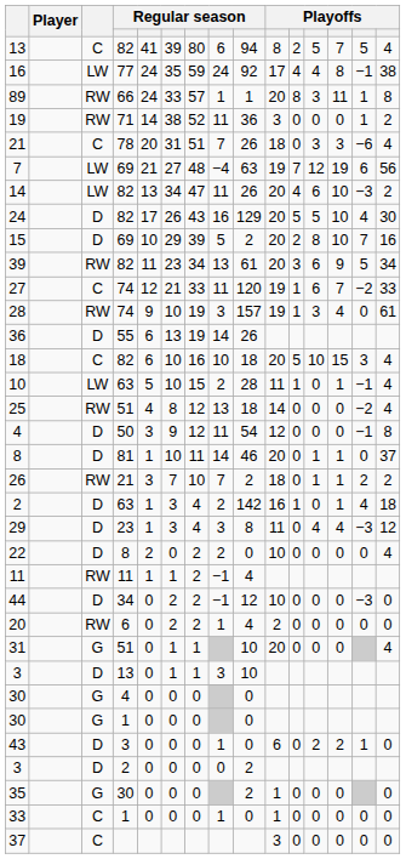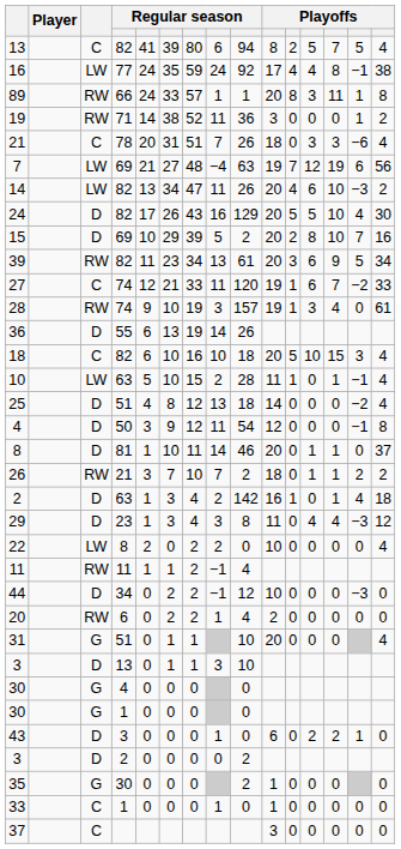 <table class="wikitable sortable plainrowheaders" style="text-align:center;">
 <tr>
 <th scope="col" data-sort-type="number" rowspan="2"></th>
 <th scope="col" rowspan="2">Player</th>
 <th scope="col" rowspan="2"></th>
 <th scope=colgroup colspan=6>Regular season</th>
 <th scope=colgroup colspan=6>Playoffs</th>
 </tr>
 <tr>
 <th scope="col" data-sort-type="number"></th>
 <th scope="col" data-sort-type="number"></th>
 <th scope="col" data-sort-type="number"></th>
 <th scope="col" data-sort-type="number"></th>
 <th scope="col" data-sort-type="number"></th>
 <th scope="col" data-sort-type="number"></th>
 <th scope="col" data-sort-type="number"></th>
 <th scope="col" data-sort-type="number"></th>
 <th scope="col" data-sort-type="number"></th>
 <th scope="col" data-sort-type="number"></th>
 <th scope="col" data-sort-type="number"></th>
 <th scope="col" data-sort-type="number"></th>
 </tr>
 <tr>
 <td scope="row">13</td>
 <td align="left"></td>
 <td>C</td>
 <td>82</td>
 <td>41</td>
 <td>39</td>
 <td>80</td>
 <td>6</td>
 <td>94</td>
 <td>8</td>
 <td>2</td>
 <td>5</td>
 <td>7</td>
 <td>5</td>
 <td>4</td>
 </tr>
 <tr>
 <td scope="row">16</td>
 <td align="left"></td>
 <td>LW</td>
 <td>77</td>
 <td>24</td>
 <td>35</td>
 <td>59</td>
 <td>24</td>
 <td>92</td>
 <td>17</td>
 <td>4</td>
 <td>4</td>
 <td>8</td>
 <td>−1</td>
 <td>38</td>
 </tr>
 <tr>
 <td scope="row">89</td>
 <td align="left"></td>
 <td>RW</td>
 <td>66</td>
 <td>24</td>
 <td>33</td>
 <td>57</td>
 <td>1</td>
 <td>1</td>
 <td>20</td>
 <td>8</td>
 <td>3</td>
 <td>11</td>
 <td>1</td>
 <td>8</td>
 </tr>
 <tr>
 <td scope="row">19</td>
 <td align="left"></td>
 <td>RW</td>
 <td>71</td>
 <td>14</td>
 <td>38</td>
 <td>52</td>
 <td>11</td>
 <td>36</td>
 <td>3</td>
 <td>0</td>
 <td>0</td>
 <td>0</td>
 <td>1</td>
 <td>2</td>
 </tr>
 <tr>
 <td scope="row">21</td>
 <td align="left"></td>
 <td>C</td>
 <td>78</td>
 <td>20</td>
 <td>31</td>
 <td>51</td>
 <td>7</td>
 <td>26</td>
 <td>18</td>
 <td>0</td>
 <td>3</td>
 <td>3</td>
 <td>−6</td>
 <td>4</td>
 </tr>
 <tr>
 <td scope="row">7</td>
 <td align="left"></td>
 <td>LW</td>
 <td>69</td>
 <td>21</td>
 <td>27</td>
 <td>48</td>
 <td>−4</td>
 <td>63</td>
 <td>19</td>
 <td>7</td>
 <td>12</td>
 <td>19</td>
 <td>6</td>
 <td>56</td>
 </tr>
 <tr>
 <td scope="row">14</td>
 <td align="left"></td>
 <td>LW</td>
 <td>82</td>
 <td>13</td>
 <td>34</td>
 <td>47</td>
 <td>11</td>
 <td>26</td>
 <td>20</td>
 <td>4</td>
 <td>6</td>
 <td>10</td>
 <td>−3</td>
 <td>2</td>
 </tr>
 <tr>
 <td scope="row">24</td>
 <td align="left"></td>
 <td>D</td>
 <td>82</td>
 <td>17</td>
 <td>26</td>
 <td>43</td>
 <td>16</td>
 <td>129</td>
 <td>20</td>
 <td>5</td>
 <td>5</td>
 <td>10</td>
 <td>4</td>
 <td>30</td>
 </tr>
 <tr>
 <td scope="row">15</td>
 <td align="left"></td>
 <td>D</td>
 <td>69</td>
 <td>10</td>
 <td>29</td>
 <td>39</td>
 <td>5</td>
 <td>2</td>
 <td>20</td>
 <td>2</td>
 <td>8</td>
 <td>10</td>
 <td>7</td>
 <td>16</td>
 </tr>
 <tr>
 <td scope="row">39</td>
 <td align="left"></td>
 <td>RW</td>
 <td>82</td>
 <td>11</td>
 <td>23</td>
 <td>34</td>
 <td>13</td>
 <td>61</td>
 <td>20</td>
 <td>3</td>
 <td>6</td>
 <td>9</td>
 <td>5</td>
 <td>34</td>
 </tr>
 <tr>
 <td scope="row">27</td>
 <td align="left"></td>
 <td>C</td>
 <td>74</td>
 <td>12</td>
 <td>21</td>
 <td>33</td>
 <td>11</td>
 <td>120</td>
 <td>19</td>
 <td>1</td>
 <td>6</td>
 <td>7</td>
 <td>−2</td>
 <td>33</td>
 </tr>
 <tr>
 <td scope="row">28</td>
 <td align="left"></td>
 <td>RW</td>
 <td>74</td>
 <td>9</td>
 <td>10</td>
 <td>19</td>
 <td>3</td>
 <td>157</td>
 <td>19</td>
 <td>1</td>
 <td>3</td>
 <td>4</td>
 <td>0</td>
 <td>61</td>
 </tr>
 <tr>
 <td scope="row">36</td>
 <td align="left"></td>
 <td>D</td>
 <td>55</td>
 <td>6</td>
 <td>13</td>
 <td>19</td>
 <td>14</td>
 <td>26</td>
 <td></td>
 <td></td>
 <td></td>
 <td></td>
 <td></td>
 <td></td>
 </tr>
 <tr>
 <td scope="row">18</td>
 <td align="left"></td>
 <td>C</td>
 <td>82</td>
 <td>6</td>
 <td>10</td>
 <td>16</td>
 <td>10</td>
 <td>18</td>
 <td>20</td>
 <td>5</td>
 <td>10</td>
 <td>15</td>
 <td>3</td>
 <td>4</td>
 </tr>
 <tr>
 <td scope="row">10</td>
 <td align="left"></td>
 <td>LW</td>
 <td>63</td>
 <td>5</td>
 <td>10</td>
 <td>15</td>
 <td>2</td>
 <td>28</td>
 <td>11</td>
 <td>1</td>
 <td>0</td>
 <td>1</td>
 <td>−1</td>
 <td>4</td>
 </tr>
 <tr>
 <td scope="row">25</td>
 <td align="left"></td>
-<td>RW</td>
+<td>D</td>
 <td>51</td>
 <td>4</td>
 <td>8</td>
 <td>12</td>
 <td>13</td>
 <td>18</td>
 <td>14</td>
 <td>0</td>
 <td>0</td>
 <td>0</td>
 <td>−2</td>
 <td>4</td>
 </tr>
 <tr>
 <td scope="row">4</td>
 <td align="left"></td>
 <td>D</td>
 <td>50</td>
 <td>3</td>
 <td>9</td>
 <td>12</td>
 <td>11</td>
 <td>54</td>
 <td>12</td>
 <td>0</td>
 <td>0</td>
 <td>0</td>
 <td>−1</td>
 <td>8</td>
 </tr>
 <tr>
 <td scope="row">8</td>
 <td align="left"></td>
 <td>D</td>
 <td>81</td>
 <td>1</td>
 <td>10</td>
 <td>11</td>
 <td>14</td>
 <td>46</td>
 <td>20</td>
 <td>0</td>
 <td>1</td>
 <td>1</td>
 <td>0</td>
 <td>37</td>
 </tr>
 <tr>
 <td scope="row">26</td>
 <td align="left"></td>
 <td>RW</td>
 <td>21</td>
 <td>3</td>
 <td>7</td>
 <td>10</td>
 <td>7</td>
 <td>2</td>
 <td>18</td>
 <td>0</td>
 <td>1</td>
 <td>1</td>
 <td>2</td>
 <td>2</td>
 </tr>
 <tr>
 <td scope="row">2</td>
 <td align="left"></td>
 <td>D</td>
 <td>63</td>
 <td>1</td>
 <td>3</td>
 <td>4</td>
 <td>2</td>
 <td>142</td>
 <td>16</td>
 <td>1</td>
 <td>0</td>
 <td>1</td>
 <td>4</td>
 <td>18</td>
 </tr>
 <tr>
 <td scope="row">29</td>
 <td align="left"></td>
 <td>D</td>
 <td>23</td>
 <td>1</td>
 <td>3</td>
 <td>4</td>
 <td>3</td>
 <td>8</td>
 <td>11</td>
 <td>0</td>
 <td>4</td>
 <td>4</td>
 <td>−3</td>
 <td>12</td>
 </tr>
 <tr>
 <td scope="row">22</td>
 <td align="left"></td>
-<td>D</td>
+<td>LW</td>
 <td>8</td>
 <td>2</td>
 <td>0</td>
 <td>2</td>
 <td>2</td>
 <td>0</td>
 <td>10</td>
 <td>0</td>
 <td>0</td>
 <td>0</td>
 <td>0</td>
 <td>4</td>
 </tr>
 <tr>
 <td scope="row">11</td>
 <td align="left"></td>
 <td>RW</td>
 <td>11</td>
 <td>1</td>
 <td>1</td>
 <td>2</td>
 <td>−1</td>
 <td>4</td>
 <td></td>
 <td></td>
 <td></td>
 <td></td>
 <td></td>
 <td></td>
 </tr>
 <tr>
 <td scope="row">44</td>
 <td align="left"></td>
 <td>D</td>
 <td>34</td>
 <td>0</td>
 <td>2</td>
 <td>2</td>
 <td>−1</td>
 <td>12</td>
 <td>10</td>
 <td>0</td>
 <td>0</td>
 <td>0</td>
 <td>−3</td>
 <td>0</td>
 </tr>
 <tr>
 <td scope="row">20</td>
 <td align="left"></td>
 <td>RW</td>
 <td>6</td>
 <td>0</td>
 <td>2</td>
 <td>2</td>
 <td>1</td>
 <td>4</td>
 <td>2</td>
 <td>0</td>
 <td>0</td>
 <td>0</td>
 <td>0</td>
 <td>0</td>
 </tr>
 <tr>
 <td scope="row">31</td>
 <td align="left"></td>
 <td>G</td>
 <td>51</td>
 <td>0</td>
 <td>1</td>
 <td>1</td>
 <td style="background:#ccc"></td>
 <td>10</td>
 <td>20</td>
 <td>0</td>
 <td>0</td>
 <td>0</td>
 <td style="background:#ccc"></td>
 <td>4</td>
 </tr>
 <tr>
 <td scope="row">3</td>
 <td align="left"></td>
 <td>D</td>
 <td>13</td>
 <td>0</td>
 <td>1</td>
 <td>1</td>
 <td>3</td>
 <td>10</td>
 <td></td>
 <td></td>
 <td></td>
 <td></td>
 <td></td>
 <td></td>
 </tr>
 <tr>
 <td scope="row">30</td>
 <td align="left"></td>
 <td>G</td>
 <td>4</td>
 <td>0</td>
 <td>0</td>
 <td>0</td>
 <td style="background:#ccc"></td>
 <td>0</td>
 <td></td>
 <td></td>
 <td></td>
 <td></td>
 <td></td>
 <td></td>
 </tr>
 <tr>
 <td scope="row">30</td>
 <td align="left"></td>
 <td>G</td>
 <td>1</td>
 <td>0</td>
 <td>0</td>
 <td>0</td>
 <td style="background:#ccc"></td>
 <td>0</td>
 <td></td>
 <td></td>
 <td></td>
 <td></td>
 <td></td>
 <td></td>
 </tr>
 <tr>
 <td scope="row">43</td>
 <td align="left"></td>
 <td>D</td>
 <td>3</td>
 <td>0</td>
 <td>0</td>
 <td>0</td>
 <td>1</td>
 <td>0</td>
 <td>6</td>
 <td>0</td>
 <td>2</td>
 <td>2</td>
 <td>1</td>
 <td>0</td>
 </tr>
 <tr>
 <td scope="row">3</td>
 <td align="left"></td>
 <td>D</td>
 <td>2</td>
 <td>0</td>
 <td>0</td>
 <td>0</td>
 <td>0</td>
 <td>2</td>
 <td></td>
 <td></td>
 <td></td>
 <td></td>
 <td></td>
 <td></td>
 </tr>
 <tr>
 <td scope="row">35</td>
 <td align="left"></td>
 <td>G</td>
 <td>30</td>
 <td>0</td>
 <td>0</td>
 <td>0</td>
 <td style="background:#ccc"></td>
 <td>2</td>
 <td>1</td>
 <td>0</td>
 <td>0</td>
 <td>0</td>
 <td style="background:#ccc"></td>
 <td>0</td>
 </tr>
 <tr>
 <td scope="row">33</td>
 <td align="left"></td>
 <td>C</td>
 <td>1</td>
 <td>0</td>
 <td>0</td>
 <td>0</td>
 <td>1</td>
 <td>0</td>
 <td>1</td>
 <td>0</td>
 <td>0</td>
 <td>0</td>
 <td>0</td>
 <td>0</td>
 </tr>
 <tr>
 <td scope="row">37</td>
 <td align="left"></td>
 <td>C</td>
 <td></td>
 <td></td>
 <td></td>
 <td></td>
 <td></td>
 <td></td>
 <td>3</td>
 <td>0</td>
 <td>0</td>
 <td>0</td>
 <td>0</td>
 <td>0</td>
 </tr>
 </table>
